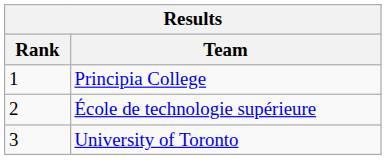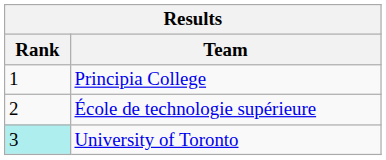 <table class="wikitable collapsible collapsed" style="min-width:20em;">
 <tr>
 <th colspan=2>Results</th>
 </tr>
 <tr>
 <th>Rank</th>
 <th>Team</th>
 </tr>
 <tr>
 <td>1</td>
 <td><a href='#'>Principia College</a></td>
 </tr>
 <tr>
 <td>2</td>
 <td><a href='#'>École de technologie supérieure</a></td>
 </tr>
 <tr>
-<td>3</td>
+<td style="background: paleturquoise;">3</td>
 <td><a href='#'>University of Toronto</a></td>
 </tr>
 </table>
